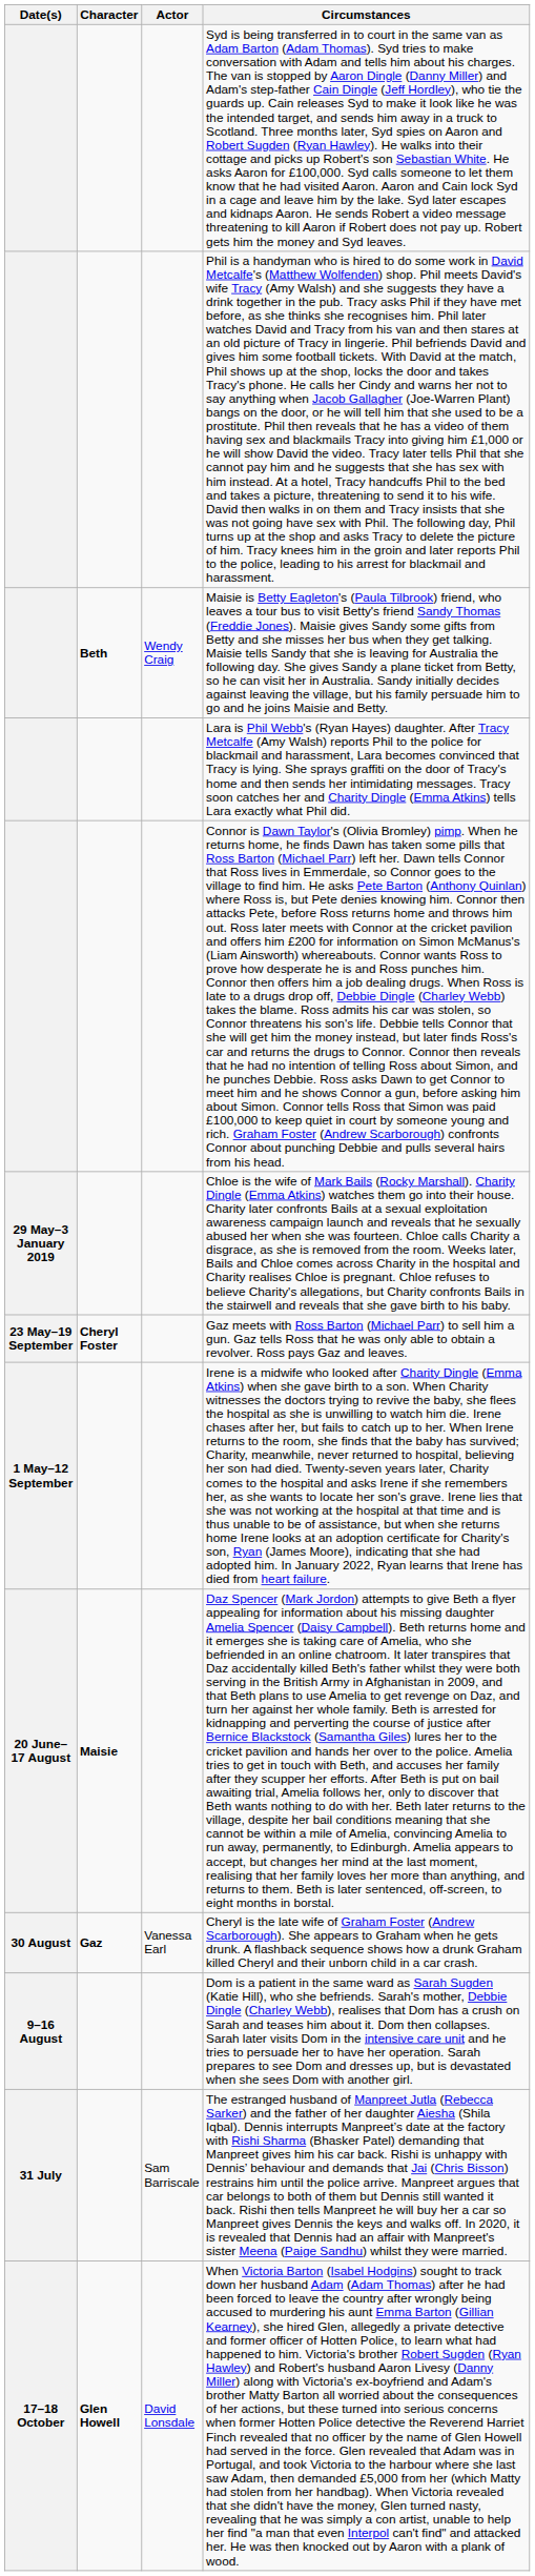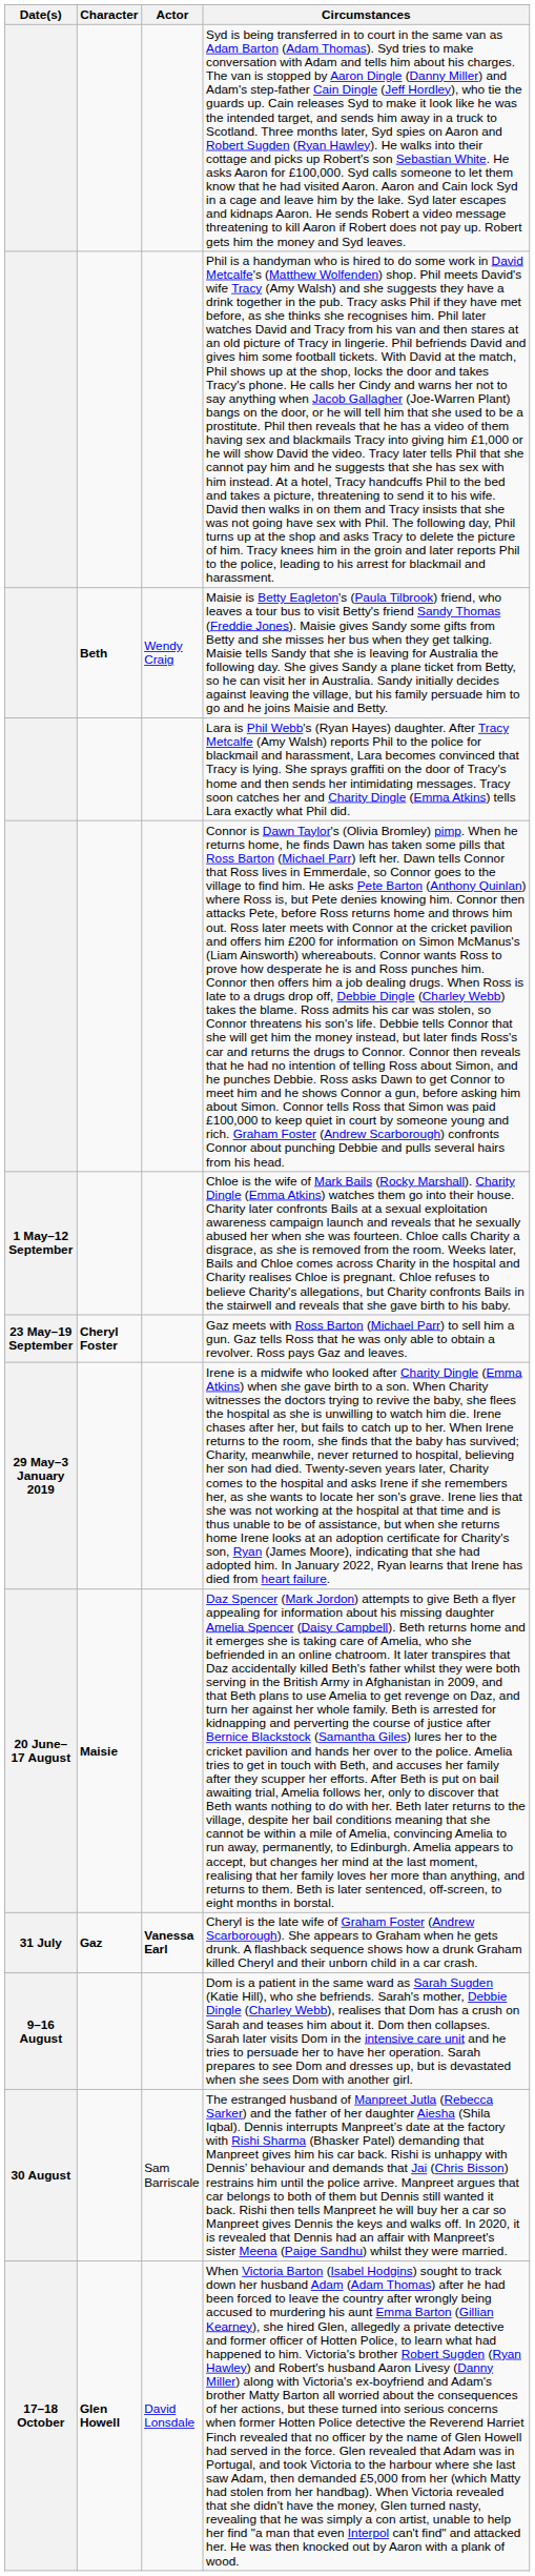 <table class="wikitable plainrowheaders" style="font-size:90%">
 <tr>
 <th scope="col">Date(s)</th>
 <th scope="col">Character</th>
 <th scope="col">Actor</th>
 <th scope="col">Circumstances</th>
 </tr>
 <tr>
 <th scope="row"></th>
 <td></td>
 <td></td>
 <td>Syd is being transferred in to court in the same van as <a href='#'>Adam Barton</a> (<a href='#'>Adam Thomas</a>). Syd tries to make conversation with Adam and tells him about his charges. The van is stopped by <a href='#'>Aaron Dingle</a> (<a href='#'>Danny Miller</a>) and Adam's step-father <a href='#'>Cain Dingle</a> (<a href='#'>Jeff Hordley</a>), who tie the guards up. Cain releases Syd to make it look like he was the intended target, and sends him away in a truck to Scotland. Three months later, Syd spies on Aaron and <a href='#'>Robert Sugden</a> (<a href='#'>Ryan Hawley</a>). He walks into their cottage and picks up Robert's son <a href='#'>Sebastian White</a>. He asks Aaron for £100,000. Syd calls someone to let them know that he had visited Aaron. Aaron and Cain lock Syd in a cage and leave him by the lake. Syd later escapes and kidnaps Aaron. He sends Robert a video message threatening to kill Aaron if Robert does not pay up. Robert gets him the money and Syd leaves.</td>
 </tr>
 <tr>
 <th scope="row"></th>
 <td></td>
 <td></td>
 <td>Phil is a handyman who is hired to do some work in <a href='#'>David Metcalfe</a>'s (<a href='#'>Matthew Wolfenden</a>) shop. Phil meets David's wife <a href='#'>Tracy</a> (Amy Walsh) and she suggests they have a drink together in the pub. Tracy asks Phil if they have met before, as she thinks she recognises him. Phil later watches David and Tracy from his van and then stares at an old picture of Tracy in lingerie. Phil befriends David and gives him some football tickets. With David at the match, Phil shows up at the shop, locks the door and takes Tracy's phone. He calls her Cindy and warns her not to say anything when <a href='#'>Jacob Gallagher</a> (Joe-Warren Plant) bangs on the door, or he will tell him that she used to be a prostitute. Phil then reveals that he has a video of them having sex and blackmails Tracy into giving him £1,000 or he will show David the video. Tracy later tells Phil that she cannot pay him and he suggests that she has sex with him instead. At a hotel, Tracy handcuffs Phil to the bed and takes a picture, threatening to send it to his wife. David then walks in on them and Tracy insists that she was not going have sex with Phil. The following day, Phil turns up at the shop and asks Tracy to delete the picture of him. Tracy knees him in the groin and later reports Phil to the police, leading to his arrest for blackmail and harassment.</td>
 </tr>
 <tr>
 <th scope="row"></th>
 <td><strong>Beth</strong></td>
 <td><a href='#'>Wendy Craig</a></td>
 <td>Maisie is <a href='#'>Betty Eagleton</a>'s (<a href='#'>Paula Tilbrook</a>) friend, who leaves a tour bus to visit Betty's friend <a href='#'>Sandy Thomas</a> (<a href='#'>Freddie Jones</a>). Maisie gives Sandy some gifts from Betty and she misses her bus when they get talking. Maisie tells Sandy that she is leaving for Australia the following day. She gives Sandy a plane ticket from Betty, so he can visit her in Australia. Sandy initially decides against leaving the village, but his family persuade him to go and he joins Maisie and Betty.</td>
 </tr>
 <tr>
 <th scope="row"></th>
 <td></td>
 <td></td>
 <td>Lara is <a href='#'>Phil Webb</a>'s (Ryan Hayes) daughter. After <a href='#'>Tracy Metcalfe</a> (Amy Walsh) reports Phil to the police for blackmail and harassment, Lara becomes convinced that Tracy is lying. She sprays graffiti on the door of Tracy's home and then sends her intimidating messages. Tracy soon catches her and <a href='#'>Charity Dingle</a> (<a href='#'>Emma Atkins</a>) tells Lara exactly what Phil did.</td>
 </tr>
 <tr>
 <th scope="row"></th>
 <td></td>
 <td></td>
 <td>Connor is <a href='#'>Dawn Taylor</a>'s (Olivia Bromley) <a href='#'>pimp</a>. When he returns home, he finds Dawn has taken some pills that <a href='#'>Ross Barton</a> (<a href='#'>Michael Parr</a>) left her. Dawn tells Connor that Ross lives in Emmerdale, so Connor goes to the village to find him. He asks <a href='#'>Pete Barton</a> (<a href='#'>Anthony Quinlan</a>) where Ross is, but Pete denies knowing him. Connor then attacks Pete, before Ross returns home and throws him out. Ross later meets with Connor at the cricket pavilion and offers him £200 for information on Simon McManus's (Liam Ainsworth) whereabouts. Connor wants Ross to prove how desperate he is and Ross punches him. Connor then offers him a job dealing drugs. When Ross is late to a drugs drop off, <a href='#'>Debbie Dingle</a> (<a href='#'>Charley Webb</a>) takes the blame. Ross admits his car was stolen, so Connor threatens his son's life. Debbie tells Connor that she will get him the money instead, but later finds Ross's car and returns the drugs to Connor. Connor then reveals that he had no intention of telling Ross about Simon, and he punches Debbie. Ross asks Dawn to get Connor to meet him and he shows Connor a gun, before asking him about Simon. Connor tells Ross that Simon was paid £100,000 to keep quiet in court by someone young and rich. <a href='#'>Graham Foster</a> (<a href='#'>Andrew Scarborough</a>) confronts Connor about punching Debbie and pulls several hairs from his head.</td>
 </tr>
 <tr>
-<th scope="row">29 May–3 January 2019</th>
+<th scope="row">1 May–12 September</th>
 <td></td>
 <td></td>
 <td>Chloe is the wife of <a href='#'>Mark Bails</a> (<a href='#'>Rocky Marshall</a>). <a href='#'>Charity Dingle</a> (<a href='#'>Emma Atkins</a>) watches them go into their house. Charity later confronts Bails at a sexual exploitation awareness campaign launch and reveals that he sexually abused her when she was fourteen. Chloe calls Charity a disgrace, as she is removed from the room. Weeks later, Bails and Chloe comes across Charity in the hospital and Charity realises Chloe is pregnant. Chloe refuses to believe Charity's allegations, but Charity confronts Bails in the stairwell and reveals that she gave birth to his baby.</td>
 </tr>
 <tr>
 <th scope="row">23 May–19 September</th>
 <td><strong>Cheryl Foster</strong></td>
 <td></td>
 <td>Gaz meets with <a href='#'>Ross Barton</a> (<a href='#'>Michael Parr</a>) to sell him a gun. Gaz tells Ross that he was only able to obtain a revolver. Ross pays Gaz and leaves.</td>
 </tr>
 <tr>
-<th scope="row">1 May–12 September</th>
+<th scope="row">29 May–3 January 2019</th>
 <td></td>
 <td><br></td>
 <td>Irene is a midwife who looked after <a href='#'>Charity Dingle</a> (<a href='#'>Emma Atkins</a>) when she gave birth to a son. When Charity witnesses the doctors trying to revive the baby, she flees the hospital as she is unwilling to watch him die. Irene chases after her, but fails to catch up to her. When Irene returns to the room, she finds that the baby has survived; Charity, meanwhile, never returned to hospital, believing her son had died. Twenty-seven years later, Charity comes to the hospital and asks Irene if she remembers her, as she wants to locate her son's grave. Irene lies that she was not working at the hospital at that time and is thus unable to be of assistance, but when she returns home Irene looks at an adoption certificate for Charity's son, <a href='#'>Ryan</a> (James Moore), indicating that she had adopted him. In January 2022, Ryan learns that Irene has died from <a href='#'>heart failure</a>.</td>
 </tr>
 <tr>
 <th scope="row">20 June–17 August</th>
 <td><strong>Maisie</strong></td>
 <td></td>
 <td><a href='#'>Daz Spencer</a> (<a href='#'>Mark Jordon</a>) attempts to give Beth a flyer appealing for information about his missing daughter <a href='#'>Amelia Spencer</a> (<a href='#'>Daisy Campbell</a>). Beth returns home and it emerges she is taking care of Amelia, who she befriended in an online chatroom. It later transpires that Daz accidentally killed Beth's father whilst they were both serving in the British Army in Afghanistan in 2009, and that Beth plans to use Amelia to get revenge on Daz, and turn her against her whole family. Beth is arrested for kidnapping and perverting the course of justice after <a href='#'>Bernice Blackstock</a> (<a href='#'>Samantha Giles</a>) lures her to the cricket pavilion and hands her over to the police. Amelia tries to get in touch with Beth, and accuses her family after they scupper her efforts. After Beth is put on bail awaiting trial, Amelia follows her, only to discover that Beth wants nothing to do with her. Beth later returns to the village, despite her bail conditions meaning that she cannot be within a mile of Amelia, convincing Amelia to run away, permanently, to Edinburgh. Amelia appears to accept, but changes her mind at the last moment, realising that her family loves her more than anything, and returns to them. Beth is later sentenced, off-screen, to eight months in borstal.</td>
 </tr>
 <tr>
-<th scope="row">30 August</th>
+<th scope="row">31 July</th>
 <td><strong>Gaz</strong></td>
-<td>Vanessa Earl</td>
+<td><strong>Vanessa Earl</strong></td>
 <td>Cheryl is the late wife of <a href='#'>Graham Foster</a> (<a href='#'>Andrew Scarborough</a>). She appears to Graham when he gets drunk. A flashback sequence shows how a drunk Graham killed Cheryl and their unborn child in a car crash.</td>
 </tr>
 <tr>
 <th scope="row">9–16 August</th>
 <td></td>
 <td></td>
 <td>Dom is a patient in the same ward as <a href='#'>Sarah Sugden</a> (Katie Hill), who she befriends. Sarah's mother, <a href='#'>Debbie Dingle</a> (<a href='#'>Charley Webb</a>), realises that Dom has a crush on Sarah and teases him about it. Dom then collapses. Sarah later visits Dom in the <a href='#'>intensive care unit</a> and he tries to persuade her to have her operation. Sarah prepares to see Dom and dresses up, but is devastated when she sees Dom with another girl.</td>
 </tr>
 <tr>
-<th scope="row">31 July</th>
+<th scope="row">30 August</th>
 <td></td>
 <td {{nowrap>Sam Barriscale</td>
 <td>The estranged husband of <a href='#'>Manpreet Jutla</a> (<a href='#'>Rebecca Sarker</a>) and the father of her daughter <a href='#'>Aiesha</a> (Shila Iqbal). Dennis interrupts Manpreet’s date at the factory with <a href='#'>Rishi Sharma</a> (Bhasker Patel) demanding that Manpreet gives him his car back. Rishi is unhappy with Dennis’ behaviour and demands that <a href='#'>Jai</a> (<a href='#'>Chris Bisson</a>) restrains him until the police arrive. Manpreet argues that car belongs to both of them but Dennis still wanted it back. Rishi then tells Manpreet he will buy her a car so Manpreet gives Dennis the keys and walks off. In 2020, it is revealed that Dennis had an affair with Manpreet's sister <a href='#'>Meena</a> (<a href='#'>Paige Sandhu</a>) whilst they were married.</td>
 </tr>
 <tr>
 <th scope="row">17–18 October</th>
 <td><strong>Glen Howell</strong></td>
 <td><a href='#'>David Lonsdale</a></td>
 <td>When <a href='#'>Victoria Barton</a> (<a href='#'>Isabel Hodgins</a>) sought to track down her husband <a href='#'>Adam</a> (<a href='#'>Adam Thomas</a>) after he had been forced to leave the country after wrongly being accused to murdering his aunt <a href='#'>Emma Barton</a> (<a href='#'>Gillian Kearney</a>), she hired Glen, allegedly a private detective and former officer of Hotten Police, to learn what had happened to him. Victoria's brother <a href='#'>Robert Sugden</a> (<a href='#'>Ryan Hawley</a>) and Robert's husband Aaron Livesy (<a href='#'>Danny Miller</a>) along with Victoria's ex-boyfriend and Adam's brother Matty Barton all worried about the consequences of her actions, but these turned into serious concerns when former Hotten Police detective the Reverend Harriet Finch revealed that no officer by the name of Glen Howell had served in the force. Glen revealed that Adam was in Portugal, and took Victoria to the harbour where she last saw Adam, then demanded £5,000 from her (which Matty had stolen from her handbag). When Victoria revealed that she didn't have the money, Glen turned nasty, revealing that he was simply a con artist, unable to help her find "a man that even <a href='#'>Interpol</a> can't find" and attacked her. He was then knocked out by Aaron with a plank of wood.</td>
 </tr>
 </table>
